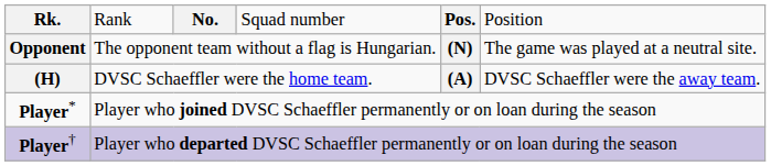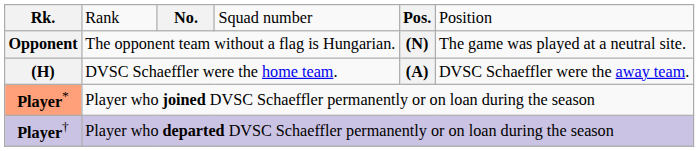 <table class="wikitable" style="font-size:85%;">
 <tr>
 <th>Rk.</th>
 <td>Rank</td>
 <th>No.</th>
 <td>Squad number</td>
 <th>Pos.</th>
 <td>Position</td>
 </tr>
 <tr>
 <th>Opponent</th>
 <td colspan="3">The opponent team without a flag is Hungarian.</td>
 <th>(N)</th>
 <td>The game was played at a neutral site.</td>
 </tr>
 <tr>
 <th>(H)</th>
 <td colspan="3">DVSC Schaeffler were the <a href='#'>home team</a>.</td>
 <th>(A)</th>
 <td>DVSC Schaeffler were the <a href='#'>away team</a>.</td>
 </tr>
 <tr>
-<td align="center"><strong>Player</strong><sup>*</sup></td>
+<td align="center" style="background: lightsalmon;"><strong>Player</strong><sup>*</sup></td>
 <td colspan="5">Player who <strong>joined</strong> DVSC Schaeffler permanently or on loan during the season</td>
 </tr>
 <tr bgcolor=#CBC3E3>
 <td align="center"><strong>Player</strong><sup>†</sup></td>
 <td colspan="5">Player who <strong>departed</strong> DVSC Schaeffler permanently or on loan during the season</td>
 </tr>
 </table>
